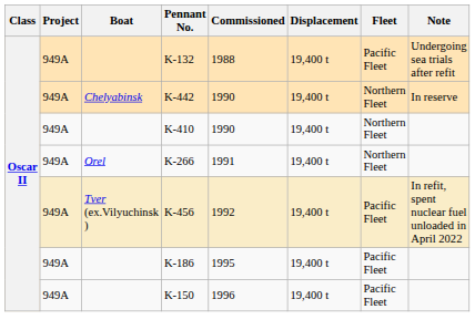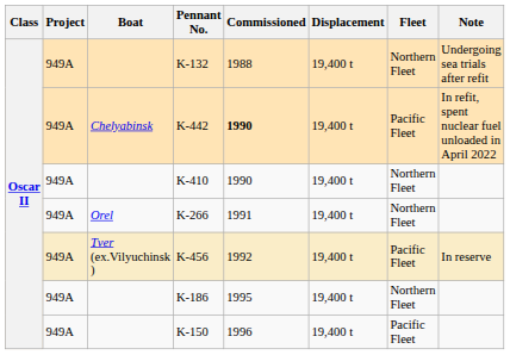 <table class="wikitable sortable" style="margin:auto; width:100%;">
 <tr>
 <th style="text-align:center; width:16%;">Class</th>
 <th style="text-align:center; width:10%;">Project</th>
 <th style="text-align:center; width:16%;">Boat</th>
 <th style="text-align:center; width:10%;">Pennant No.</th>
 <th style="text-align:center; width:10%;">Commissioned</th>
 <th style="text-align:center; width:10%;">Displacement</th>
 <th style="text-align:center; width:10%;">Fleet</th>
 <th style="text-align:center; width:18%;">Note</th>
 </tr>
 <tr style="background: #FFE4B5">
 <th rowspan="7"><a href='#'>Oscar II</a></th>
 <td>949A</td>
 <td></td>
 <td>K-132</td>
 <td>1988</td>
 <td>19,400 t</td>
-<td>Pacific Fleet</td>
+<td>Northern Fleet</td>
 <td>Undergoing sea trials after refit</td>
 </tr>
 <tr style="background: #FFE4B5">
 <td>949A</td>
 <td><a href='#'><em>Chelyabinsk</em></a></td>
 <td>K-442</td>
-<td>1990</td>
+<td><strong>1990</strong></td>
 <td>19,400 t</td>
-<td>Northern Fleet</td>
-<td>In reserve</td>
+<td>Pacific Fleet</td>
+<td>In refit, spent nuclear fuel unloaded in April 2022</td>
 </tr>
 <tr>
 <td>949A</td>
 <td></td>
 <td>K-410</td>
 <td>1990</td>
 <td>19,400 t</td>
 <td>Northern Fleet</td>
 <td></td>
 </tr>
 <tr>
 <td>949A</td>
 <td><a href='#'><em>Orel</em></a></td>
 <td>K-266</td>
 <td>1991</td>
 <td>19,400 t</td>
 <td>Northern Fleet</td>
 <td></td>
 </tr>
 <tr style="background: #FAEDC8">
 <td>949A</td>
 <td><a href='#'><em>Tver</em></a> (ex.Vilyuchinsk )</td>
 <td>K-456</td>
 <td>1992</td>
 <td>19,400 t</td>
 <td>Pacific Fleet</td>
-<td>In refit, spent nuclear fuel unloaded in April 2022</td>
+<td>In reserve</td>
 </tr>
 <tr>
 <td>949A</td>
 <td></td>
 <td>K-186</td>
 <td>1995</td>
 <td>19,400 t</td>
-<td>Pacific Fleet</td>
+<td>Northern Fleet</td>
 <td></td>
 </tr>
 <tr>
 <td>949A</td>
 <td></td>
 <td>K-150</td>
 <td>1996</td>
 <td>19,400 t</td>
 <td>Pacific Fleet</td>
 <td></td>
 </tr>
 </table>
